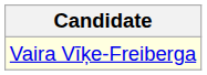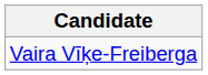 <table class="wikitable" style="text-align: left;">
 <tr>
 <th>Candidate</th>
 </tr>
 <tr>
-<td style="background: lightyellow;"><a href='#'>Vaira Vīķe-Freiberga</a></td>
+<td><a href='#'>Vaira Vīķe-Freiberga</a></td>
 </tr>
 </table>
